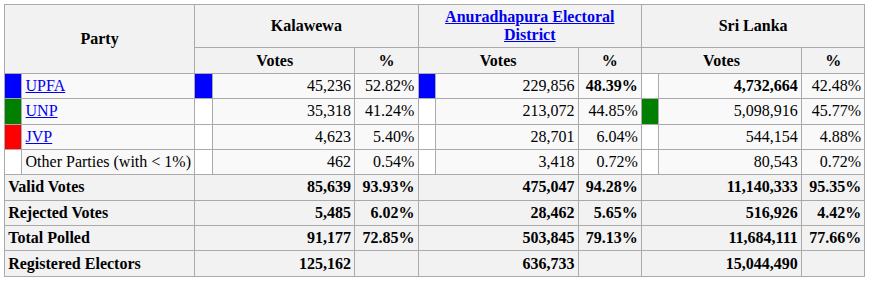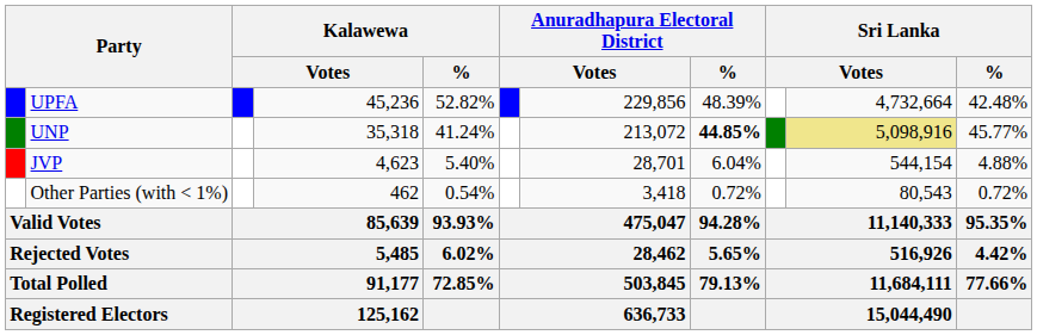 <table class="wikitable">
 <tr>
 <th colspan="2" width="144px"rowspan="2">Party</th>
 <th colspan="3" width="216px">Kalawewa</th>
 <th colspan="3" width="216px"><a href='#'>Anuradhapura Electoral District</a></th>
 <th colspan="3" width="216px">Sri Lanka</th>
 </tr>
 <tr>
 <th colspan="2" width="144px">Votes</th>
 <th>%</th>
 <th colspan="2" width="144px">Votes</th>
 <th>%</th>
 <th colspan="2" width="144px">Votes</th>
 <th>%</th>
 </tr>
 <tr>
 <td style="background-color:blue;" width="10px"></td>
 <td style="text-align:left;"><a href='#'>UPFA</a></td>
 <td style="background-color:blue;" width="10px"></td>
 <td style="text-align:right;">45,236</td>
 <td style="text-align:right;">52.82%</td>
 <td style="background-color:blue;" width="10px"></td>
 <td style="text-align:right;">229,856</td>
-<td style="text-align:right;"><strong>48.39%</strong></td>
+<td style="text-align:right;">48.39%</td>
 <td style="background-color:white;" width="10px"></td>
-<td style="text-align:right;"><strong>4,732,664</strong></td>
+<td style="text-align:right;">4,732,664</td>
 <td style="text-align:right;">42.48%</td>
 </tr>
 <tr>
 <td style="background-color:green;" width="10px"></td>
 <td style="text-align:left;"><a href='#'>UNP</a></td>
 <td style="background-color:white;" width="10px"></td>
 <td style="text-align:right;">35,318</td>
 <td style="text-align:right;">41.24%</td>
 <td style="background-color:white;" width="10px"></td>
 <td style="text-align:right;">213,072</td>
-<td style="text-align:right;">44.85%</td>
+<td style="text-align:right;"><strong>44.85%</strong></td>
 <td style="background-color:green;" width="10px"></td>
-<td style="text-align:right;">5,098,916</td>
+<td style="background: khaki; text-align:right;">5,098,916</td>
 <td style="text-align:right;">45.77%</td>
 </tr>
 <tr>
 <td style="background-color:red;" width="10px"></td>
 <td style="text-align:left;"><a href='#'>JVP</a></td>
 <td style="background-color:white;" width="10px"></td>
 <td style="text-align:right;">4,623</td>
 <td style="text-align:right;">5.40%</td>
 <td style="background-color:white;" width="10px"></td>
 <td style="text-align:right;">28,701</td>
 <td style="text-align:right;">6.04%</td>
 <td style="background-color:white;" width="10px"></td>
 <td style="text-align:right;">544,154</td>
 <td style="text-align:right;">4.88%</td>
 </tr>
 <tr>
 <td style="background-color:white;" width="10px"></td>
 <td style="text-align:left;">Other Parties (with < 1%)</td>
 <td style="background-color:white;" width="10px"></td>
 <td style="text-align:right;">462</td>
 <td style="text-align:right;">0.54%</td>
 <td style="background-color:white;" width="10px"></td>
 <td style="text-align:right;">3,418</td>
 <td style="text-align:right;">0.72%</td>
 <td style="background-color:white;" width="10px"></td>
 <td style="text-align:right;">80,543</td>
 <td style="text-align:right;">0.72%</td>
 </tr>
 <tr>
 <th colspan="2" width="144px"style="text-align:left;">Valid Votes</th>
 <th style="text-align:right;"colspan="2" width="144px">85,639</th>
 <th style="text-align:right;">93.93%</th>
 <th style="text-align:right;"colspan="2" width="144px">475,047</th>
 <th style="text-align:right;">94.28%</th>
 <th style="text-align:right;"colspan="2" width="144px">11,140,333</th>
 <th style="text-align:right;">95.35%</th>
 </tr>
 <tr>
 <th colspan="2" width="144px"style="text-align:left;">Rejected Votes</th>
 <th style="text-align:right;"colspan="2" width="144px">5,485</th>
 <th style="text-align:right;">6.02%</th>
 <th style="text-align:right;"colspan="2" width="144px">28,462</th>
 <th style="text-align:right;">5.65%</th>
 <th style="text-align:right;"colspan="2" width="144px">516,926</th>
 <th style="text-align:right;">4.42%</th>
 </tr>
 <tr>
 <th colspan="2" width="144px"style="text-align:left;">Total Polled</th>
 <th style="text-align:right;"colspan="2" width="144px">91,177</th>
 <th style="text-align:right;">72.85%</th>
 <th style="text-align:right;"colspan="2" width="144px">503,845</th>
 <th style="text-align:right;">79.13%</th>
 <th style="text-align:right;"colspan="2" width="144px">11,684,111</th>
 <th style="text-align:right;">77.66%</th>
 </tr>
 <tr>
 <th colspan="2" width="144px"style="text-align:left;">Registered Electors</th>
 <th style="text-align:right;"colspan="2" width="144px">125,162</th>
 <th></th>
 <th style="text-align:right;"colspan="2" width="144px">636,733</th>
 <th></th>
 <th style="text-align:right;"colspan="2" width="144px">15,044,490</th>
 <th></th>
 </tr>
 </table>
